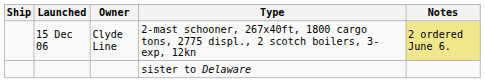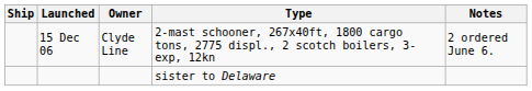 <table class=wikitable>
 <tr>
 <th>Ship</th>
 <th>Launched</th>
 <th>Owner</th>
 <th>Type</th>
 <th>Notes</th>
 </tr>
 <tr>
 <td></td>
 <td>15 Dec 06</td>
 <td>Clyde Line</td>
 <td>2-mast schooner, 267x40ft, 1800 cargo tons, 2775 displ., 2 scotch boilers, 3-exp, 12kn</td>
-<td style="background: khaki;">2 ordered June 6.</td>
+<td>2 ordered June 6.</td>
 </tr>
 <tr>
 <td></td>
 <td></td>
 <td></td>
 <td>sister to <em>Delaware</em></td>
 </tr>
 </table>
